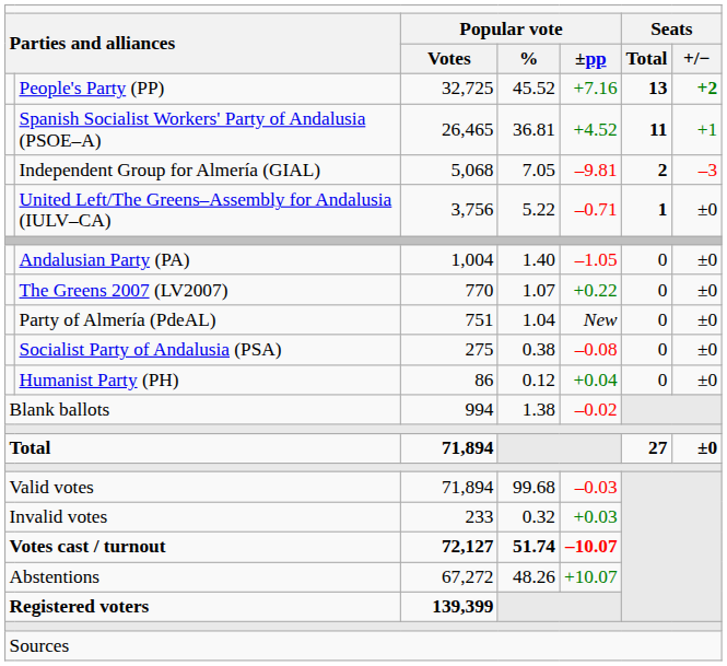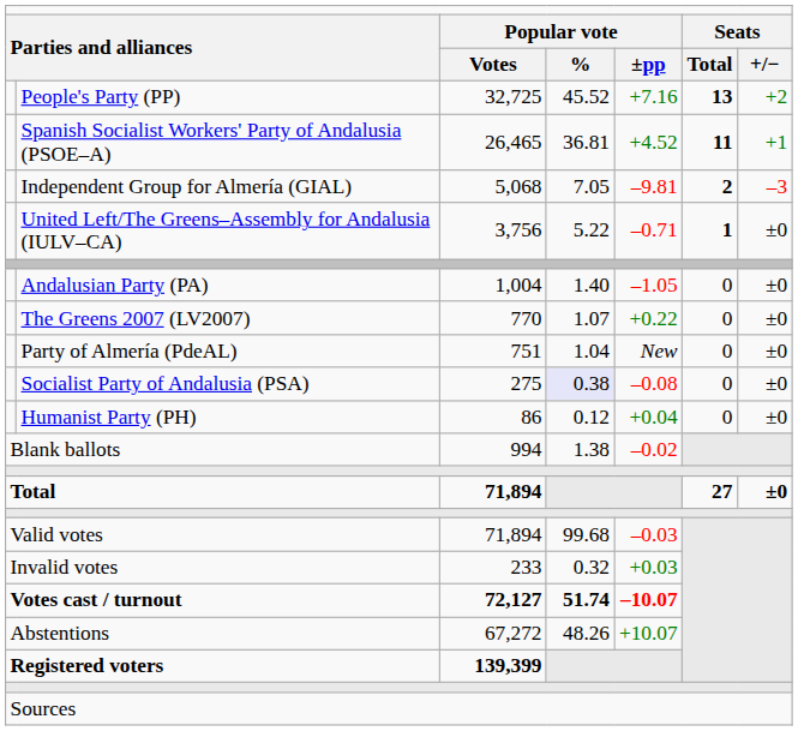 <table class="wikitable" style="text-align:right;">
 <tr>
 <td colspan="7"></td>
 </tr>
 <tr>
 <th style="text-align:left;" rowspan="2" colspan="2" width="525">Parties and alliances</th>
 <th colspan="3">Popular vote</th>
 <th colspan="2">Seats</th>
 </tr>
 <tr>
 <th width="75">Votes</th>
 <th width="45">%</th>
 <th width="45">±<a href='#'>pp</a></th>
 <th width="35">Total</th>
 <th width="35">+/−</th>
 </tr>
 <tr>
 <td width="1" style="color:inherit;background:"></td>
 <td align="left"><a href='#'>People's Party</a> (PP)</td>
 <td>32,725</td>
 <td>45.52</td>
 <td style="color:green;">+7.16</td>
 <td><strong>13</strong></td>
-<td style="color:green;"><strong>+2</strong></td>
+<td style="color:green;">+2</td>
 </tr>
 <tr>
 <td style="color:inherit;background:"></td>
 <td align="left"><a href='#'>Spanish Socialist Workers' Party of Andalusia</a> (PSOE–A)</td>
 <td>26,465</td>
 <td>36.81</td>
 <td style="color:green;">+4.52</td>
 <td><strong>11</strong></td>
 <td style="color:green;">+1</td>
 </tr>
 <tr>
 <td style="color:inherit;background:"></td>
 <td align="left">Independent Group for Almería (GIAL)</td>
 <td>5,068</td>
 <td>7.05</td>
 <td style="color:red;">–9.81</td>
 <td><strong>2</strong></td>
 <td style="color:red;">–3</td>
 </tr>
 <tr>
 <td style="color:inherit;background:"></td>
 <td align="left"><a href='#'>United Left/The Greens–Assembly for Andalusia</a> (IULV–CA)</td>
 <td>3,756</td>
 <td>5.22</td>
 <td style="color:red;">–0.71</td>
 <td><strong>1</strong></td>
 <td>±0</td>
 </tr>
 <tr>
 <td colspan="7" bgcolor="#C0C0C0"></td>
 </tr>
 <tr>
 <td style="color:inherit;background:"></td>
 <td align="left"><a href='#'>Andalusian Party</a> (PA)</td>
 <td>1,004</td>
 <td>1.40</td>
 <td style="color:red;">–1.05</td>
 <td>0</td>
 <td>±0</td>
 </tr>
 <tr>
 <td style="color:inherit;background:"></td>
 <td align="left"><a href='#'>The Greens 2007</a> (LV2007)</td>
 <td>770</td>
 <td>1.07</td>
 <td style="color:green;">+0.22</td>
 <td>0</td>
 <td>±0</td>
 </tr>
 <tr>
 <td style="color:inherit;background:"></td>
 <td align="left">Party of Almería (PdeAL)</td>
 <td>751</td>
 <td>1.04</td>
 <td><em>New</em></td>
 <td>0</td>
 <td>±0</td>
 </tr>
 <tr>
 <td style="color:inherit;background:"></td>
 <td align="left"><a href='#'>Socialist Party of Andalusia</a> (PSA)</td>
 <td>275</td>
-<td>0.38</td>
+<td style="background: lavender;">0.38</td>
 <td style="color:red;">–0.08</td>
 <td>0</td>
 <td>±0</td>
 </tr>
 <tr>
 <td style="color:inherit;background:"></td>
 <td align="left"><a href='#'>Humanist Party</a> (PH)</td>
 <td>86</td>
 <td>0.12</td>
 <td style="color:green;">+0.04</td>
 <td>0</td>
 <td>±0</td>
 </tr>
 <tr>
 <td align="left" colspan="2">Blank ballots</td>
 <td>994</td>
 <td>1.38</td>
 <td style="color:red;">–0.02</td>
 <td bgcolor="#E9E9E9" colspan="2"></td>
 </tr>
 <tr>
 <td colspan="7" bgcolor="#E9E9E9"></td>
 </tr>
 <tr style="font-weight:bold;">
 <td align="left" colspan="2">Total</td>
 <td>71,894</td>
 <td bgcolor="#E9E9E9" colspan="2"></td>
 <td>27</td>
 <td>±0</td>
 </tr>
 <tr>
 <td colspan="7" bgcolor="#E9E9E9"></td>
 </tr>
 <tr>
 <td align="left" colspan="2">Valid votes</td>
 <td>71,894</td>
 <td>99.68</td>
 <td style="color:red;">–0.03</td>
 <td bgcolor="#E9E9E9" colspan="2" rowspan="5"></td>
 </tr>
 <tr>
 <td align="left" colspan="2">Invalid votes</td>
 <td>233</td>
 <td>0.32</td>
 <td style="color:green;">+0.03</td>
 </tr>
 <tr style="font-weight:bold;">
 <td align="left" colspan="2">Votes cast / turnout</td>
 <td>72,127</td>
 <td>51.74</td>
 <td style="color:red;">–10.07</td>
 </tr>
 <tr>
 <td align="left" colspan="2">Abstentions</td>
 <td>67,272</td>
 <td>48.26</td>
 <td style="color:green;">+10.07</td>
 </tr>
 <tr style="font-weight:bold;">
 <td align="left" colspan="2">Registered voters</td>
 <td>139,399</td>
 <td bgcolor="#E9E9E9" colspan="2"></td>
 </tr>
 <tr>
 <td colspan="7" bgcolor="#E9E9E9"></td>
 </tr>
 <tr>
 <td align="left" colspan="7">Sources</td>
 </tr>
 </table>
